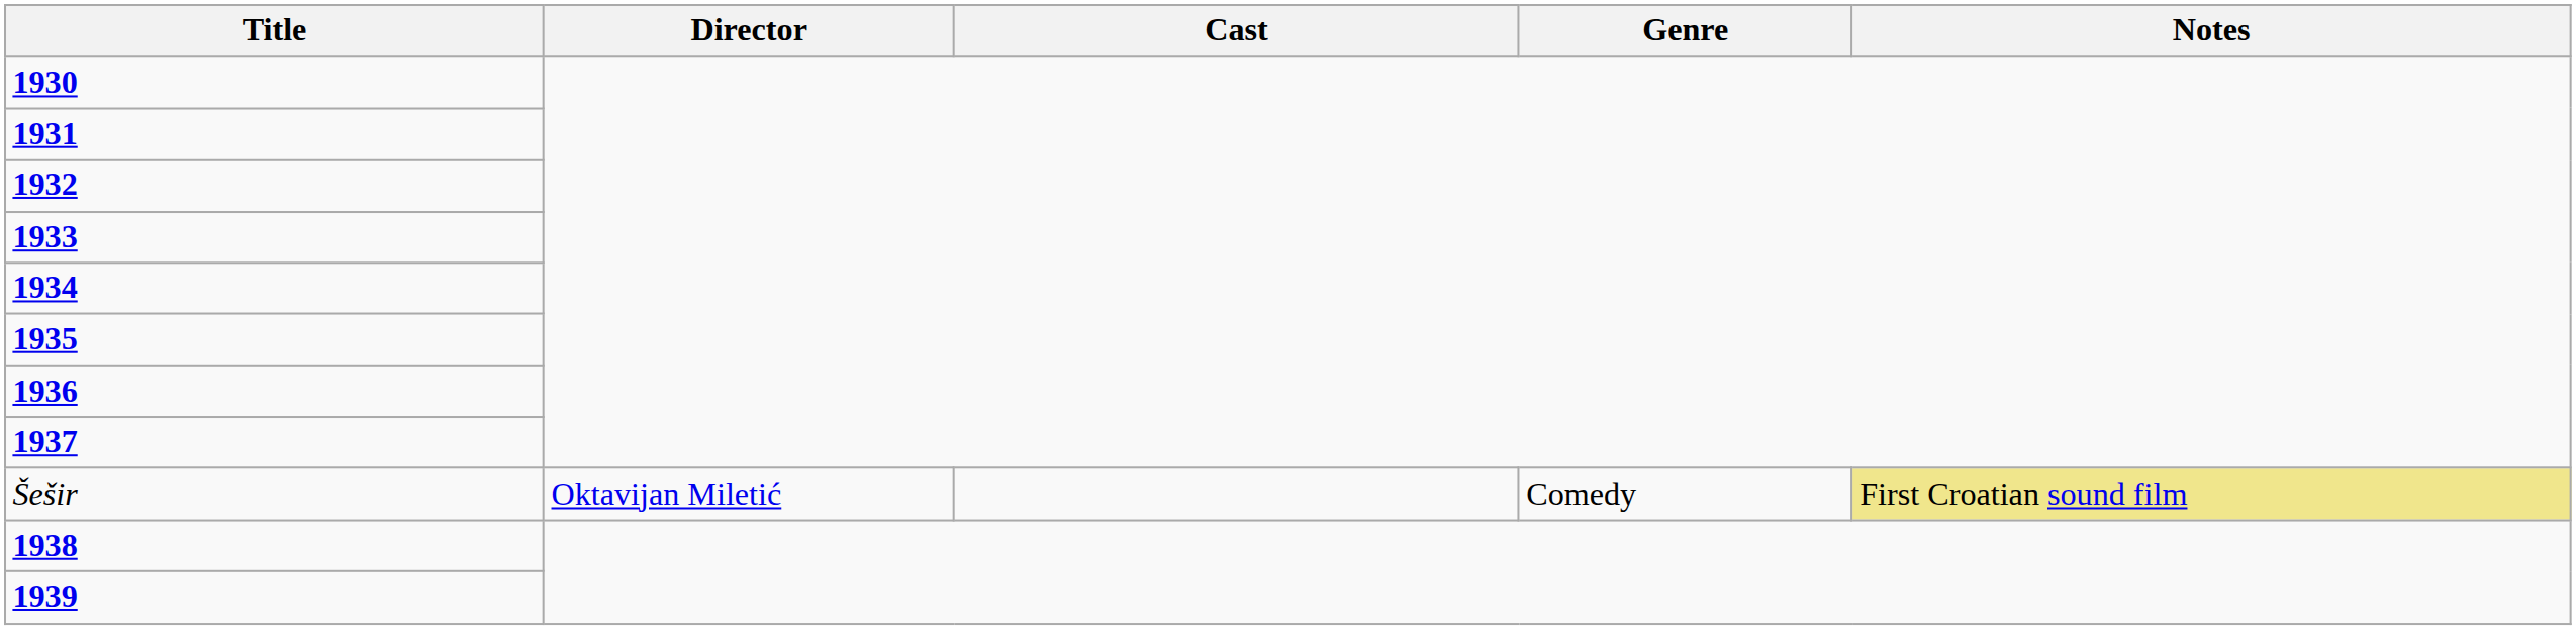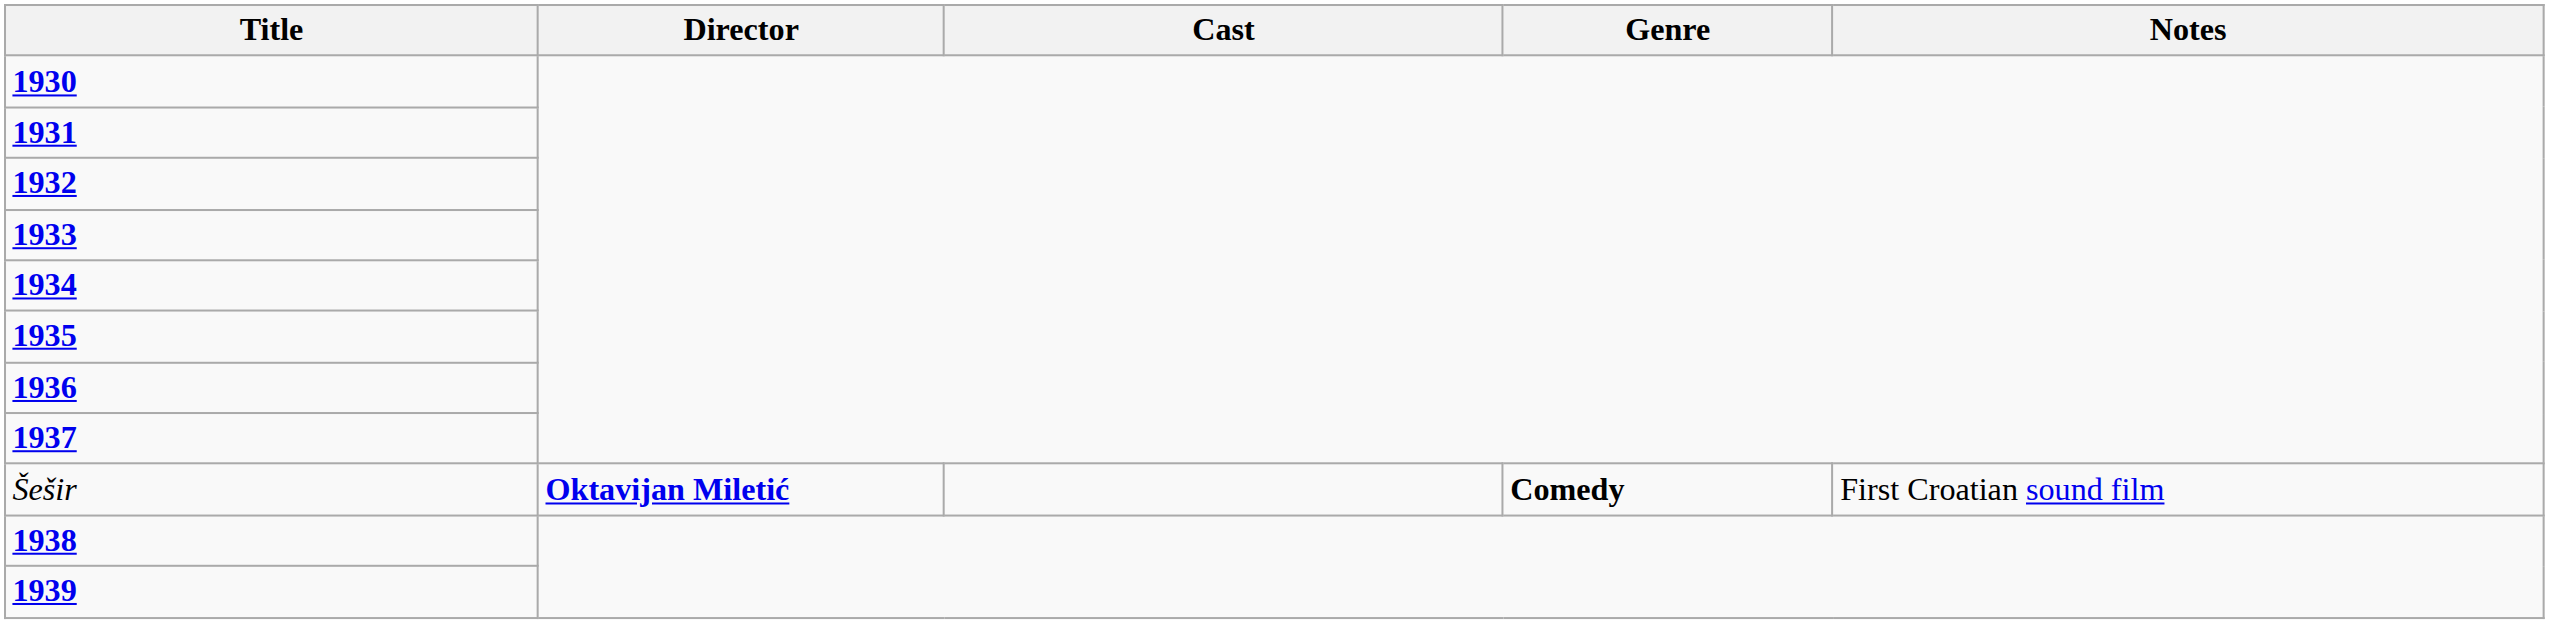 <table class="wikitable" style="width:100%;">
 <tr>
 <th style="width:21%;">Title</th>
 <th style="width:16%;">Director</th>
 <th style="width:22%;">Cast</th>
 <th style="width:13%;">Genre</th>
 <th style="width:28%;">Notes</th>
 </tr>
 <tr>
 <td><strong><a href='#'>1930</a></strong></td>
 </tr>
 <tr>
 <td><strong><a href='#'>1931</a></strong></td>
 </tr>
 <tr>
 <td><strong><a href='#'>1932</a></strong></td>
 </tr>
 <tr>
 <td><strong><a href='#'>1933</a></strong></td>
 </tr>
 <tr>
 <td><strong><a href='#'>1934</a></strong></td>
 </tr>
 <tr>
 <td><strong><a href='#'>1935</a></strong></td>
 </tr>
 <tr>
 <td><strong><a href='#'>1936</a></strong></td>
 </tr>
 <tr>
 <td><strong><a href='#'>1937</a></strong></td>
 </tr>
 <tr>
 <td><em>Šešir</em></td>
-<td><a href='#'>Oktavijan Miletić</a></td>
+<td><strong><a href='#'>Oktavijan Miletić</a></strong></td>
 <td></td>
-<td>Comedy</td>
-<td style="background: khaki;">First Croatian <a href='#'>sound film</a></td>
+<td><strong>Comedy</strong></td>
+<td>First Croatian <a href='#'>sound film</a></td>
 </tr>
 <tr>
 <td><strong><a href='#'>1938</a></strong></td>
 </tr>
 <tr>
 <td><strong><a href='#'>1939</a></strong></td>
 </tr>
 </table>
